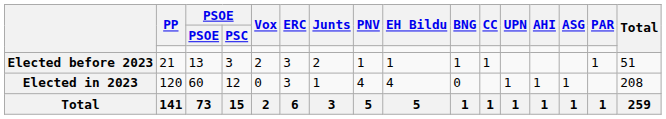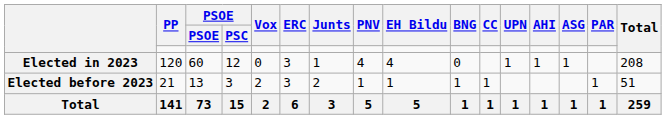 <table class="wikitable">
 <tr>
 <th rowspan="3"></th>
 <th rowspan="2"><a href='#'>PP</a></th>
 <th colspan="2"><a href='#'>PSOE</a></th>
 <th rowspan="2"><a href='#'>Vox</a></th>
 <th rowspan="2"><a href='#'>ERC</a></th>
 <th rowspan="2"><a href='#'>Junts</a></th>
 <th rowspan="2"><a href='#'>PNV</a></th>
 <th rowspan="2"><a href='#'>EH Bildu</a></th>
 <th rowspan="2"><a href='#'>BNG</a></th>
 <th rowspan="2"><a href='#'>CC</a></th>
 <th rowspan="2"><a href='#'>UPN</a></th>
 <th rowspan="2"><a href='#'>AHI</a></th>
 <th rowspan="2"><a href='#'>ASG</a></th>
 <th rowspan="2"><a href='#'>PAR</a></th>
 <th rowspan="3">Total</th>
 </tr>
 <tr>
 <th><a href='#'>PSOE</a></th>
 <th><a href='#'>PSC</a></th>
 </tr>
 <tr>
 <td></td>
 <td width="1"></td>
 <td width="1"></td>
 <td></td>
 <td></td>
 <td></td>
 <td></td>
 <td></td>
 <td></td>
 <td></td>
 <td></td>
 <td></td>
 <td></td>
 <td></td>
 </tr>
 <tr>
+<th>Elected in 2023</th>
+<td>120</td>
+<td>60</td>
+<td>12</td>
+<td>0</td>
+<td>3</td>
+<td>1</td>
+<td>4</td>
+<td>4</td>
+<td>0</td>
+<td></td>
+<td>1</td>
+<td>1</td>
+<td>1</td>
+<td></td>
+<td>208</td>
+</tr>
+<tr>
 <th>Elected before 2023</th>
 <td>21</td>
 <td>13</td>
 <td>3</td>
 <td>2</td>
 <td>3</td>
 <td>2</td>
 <td>1</td>
 <td>1</td>
 <td>1</td>
 <td>1</td>
 <td></td>
 <td></td>
 <td></td>
 <td>1</td>
 <td>51</td>
-</tr>
-<tr>
-<th>Elected in 2023</th>
-<td>120</td>
-<td>60</td>
-<td>12</td>
-<td>0</td>
-<td>3</td>
-<td>1</td>
-<td>4</td>
-<td>4</td>
-<td>0</td>
-<td></td>
-<td>1</td>
-<td>1</td>
-<td>1</td>
-<td></td>
-<td>208</td>
 </tr>
 <tr>
 <th>Total</th>
 <th>141</th>
 <th>73</th>
 <th>15</th>
 <th>2</th>
 <th>6</th>
 <th>3</th>
 <th>5</th>
 <th>5</th>
 <th>1</th>
 <th>1</th>
 <th>1</th>
 <th>1</th>
 <th>1</th>
 <th>1</th>
 <th>259</th>
 </tr>
 </table>
